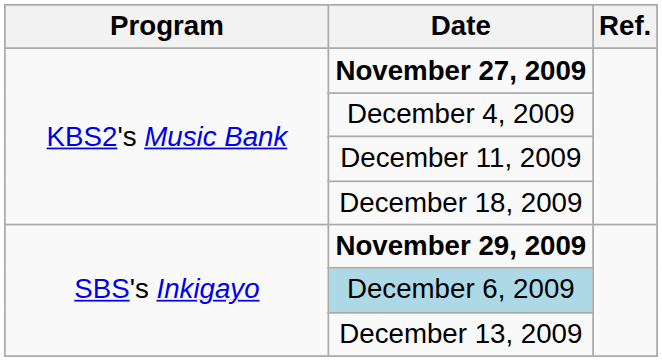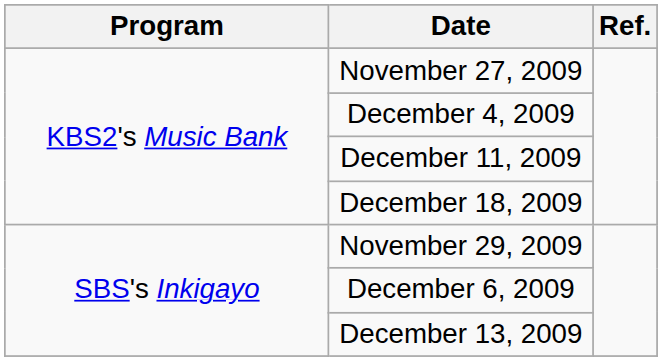 <table class="wikitable" style="text-align:center">
 <tr>
 <th width="180">Program</th>
 <th width="145">Date</th>
 <th>Ref.</th>
 </tr>
 <tr>
 <td rowspan="4"><a href='#'>KBS2</a>'s <em><a href='#'>Music Bank</a></em></td>
-<td><strong>November 27, 2009</strong></td>
+<td>November 27, 2009</td>
 <td rowspan="4"></td>
 </tr>
 <tr>
 <td>December 4, 2009</td>
 </tr>
 <tr>
 <td>December 11, 2009</td>
 </tr>
 <tr>
 <td>December 18, 2009</td>
 </tr>
 <tr>
 <td rowspan="3"><a href='#'>SBS</a>'s <em><a href='#'>Inkigayo</a></em></td>
-<td><strong>November 29, 2009</strong></td>
+<td>November 29, 2009</td>
 <td rowspan="3"></td>
 </tr>
 <tr>
-<td style="background: lightblue;">December 6, 2009</td>
+<td>December 6, 2009</td>
 </tr>
 <tr>
 <td>December 13, 2009</td>
 </tr>
 </table>
